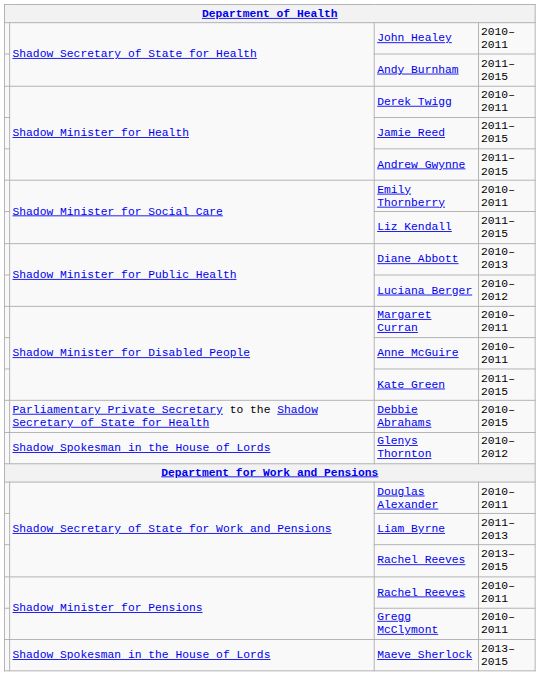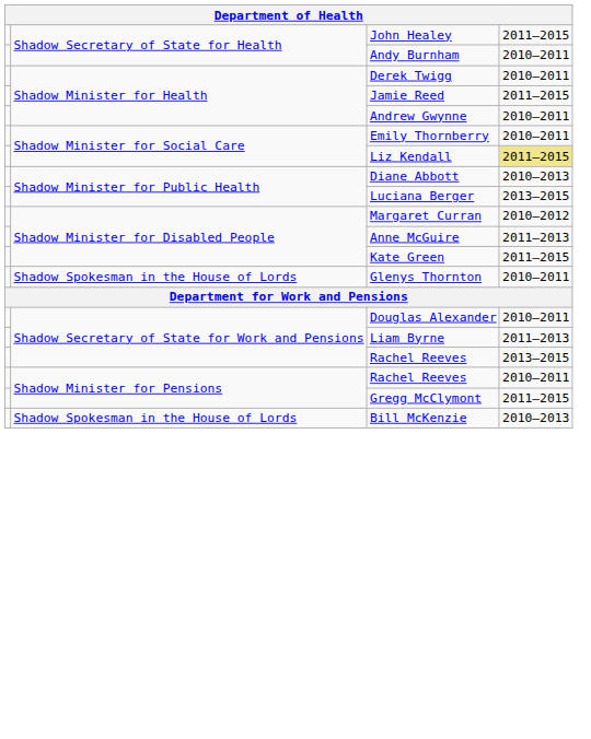 <table class="wikitable">
 <tr>
 <th colspan="4"><a href='#'>Department of Health</a></th>
 </tr>
 <tr>
 <td style="background: "></td>
 <td rowspan="2"><a href='#'>Shadow Secretary of State for Health</a></td>
 <td><a href='#'>John Healey</a></td>
-<td>2010–2011</td>
+<td>2011–2015</td>
 </tr>
 <tr>
 <td style="background: "></td>
 <td><a href='#'>Andy Burnham</a></td>
-<td>2011–2015</td>
+<td>2010–2011</td>
 </tr>
 <tr>
 <td style="background: "></td>
 <td rowspan="3"><a href='#'>Shadow Minister for Health</a></td>
 <td><a href='#'>Derek Twigg</a></td>
 <td>2010–2011</td>
 </tr>
 <tr>
 <td style="background: "></td>
 <td><a href='#'>Jamie Reed</a></td>
 <td>2011–2015</td>
 </tr>
 <tr>
 <td style="background: "></td>
 <td><a href='#'>Andrew Gwynne</a></td>
-<td>2011–2015</td>
+<td>2010–2011</td>
 </tr>
 <tr>
 <td style="background: "></td>
 <td rowspan="2"><a href='#'>Shadow Minister for Social Care</a></td>
 <td><a href='#'>Emily Thornberry</a></td>
 <td>2010–2011</td>
 </tr>
 <tr>
 <td style="background: "></td>
 <td><a href='#'>Liz Kendall</a></td>
-<td>2011–2015</td>
+<td style="background: khaki;">2011–2015</td>
 </tr>
 <tr>
 <td style="background: "></td>
 <td rowspan="2"><a href='#'>Shadow Minister for Public Health</a></td>
 <td><a href='#'>Diane Abbott</a></td>
 <td>2010–2013</td>
 </tr>
 <tr>
 <td style="background: "></td>
 <td><a href='#'>Luciana Berger</a></td>
-<td>2010–2012</td>
+<td>2013–2015</td>
 </tr>
 <tr>
 <td style="background: "></td>
 <td rowspan="3"><a href='#'>Shadow Minister for Disabled People</a></td>
 <td><a href='#'>Margaret Curran</a></td>
-<td>2010–2011</td>
+<td>2010–2012</td>
 </tr>
 <tr>
 <td style="background: "></td>
 <td><a href='#'>Anne McGuire</a></td>
-<td>2010–2011</td>
+<td>2011–2013</td>
 </tr>
 <tr>
 <td style="background: "></td>
 <td><a href='#'>Kate Green</a></td>
 <td>2011–2015</td>
 </tr>
 <tr>
 <td style="background: "></td>
-<td><a href='#'>Parliamentary Private Secretary</a> to the <a href='#'>Shadow Secretary of State for Health</a></td>
-<td><a href='#'>Debbie Abrahams</a></td>
-<td>2010–2015</td>
-</tr>
-<tr>
-<td style="background: "></td>
 <td><a href='#'>Shadow Spokesman in the House of Lords</a></td>
 <td><a href='#'>Glenys Thornton</a></td>
-<td>2010–2012</td>
+<td>2010–2011</td>
 </tr>
 <tr>
 <th colspan="4"><a href='#'>Department for Work and Pensions</a></th>
 </tr>
 <tr>
 <td style="background: "></td>
 <td rowspan="3"><a href='#'>Shadow Secretary of State for Work and Pensions</a></td>
 <td><a href='#'>Douglas Alexander</a></td>
 <td>2010–2011</td>
 </tr>
 <tr>
 <td style="background: "></td>
 <td><a href='#'>Liam Byrne</a></td>
 <td>2011–2013</td>
 </tr>
 <tr>
 <td style="background: "></td>
 <td><a href='#'>Rachel Reeves</a></td>
 <td>2013–2015</td>
 </tr>
 <tr>
 <td style="background: "></td>
 <td rowspan="2"><a href='#'>Shadow Minister for Pensions</a></td>
 <td><a href='#'>Rachel Reeves</a></td>
 <td>2010–2011</td>
 </tr>
 <tr>
 <td style="background: "></td>
 <td><a href='#'>Gregg McClymont</a></td>
-<td>2010–2011</td>
+<td>2011–2015</td>
 </tr>
 <tr>
 <td style="background: "></td>
 <td><a href='#'>Shadow Spokesman in the House of Lords</a></td>
-<td><a href='#'>Maeve Sherlock</a></td>
-<td>2013–2015</td>
+<td><a href='#'>Bill McKenzie</a></td>
+<td>2010–2013</td>
 </tr>
 </table>
